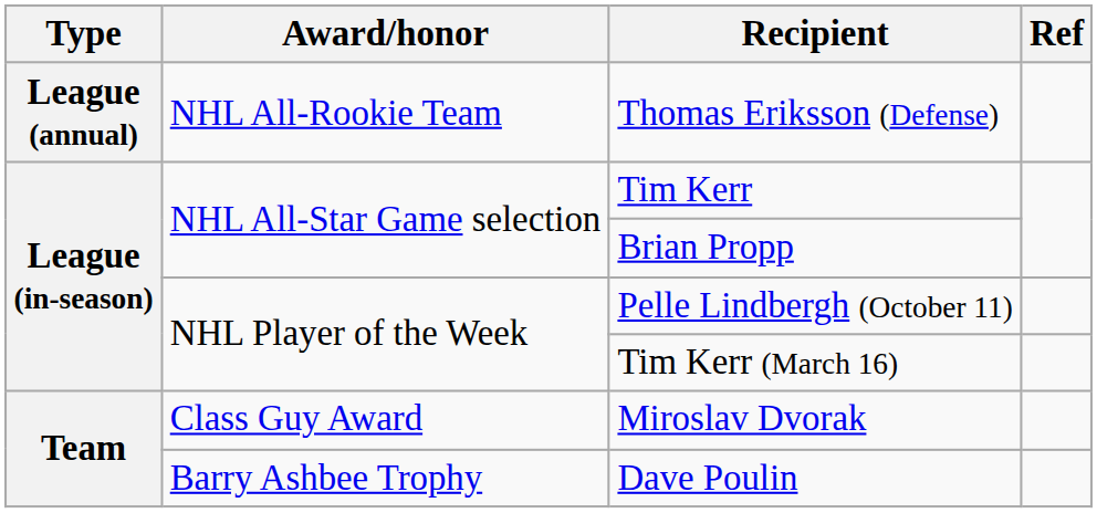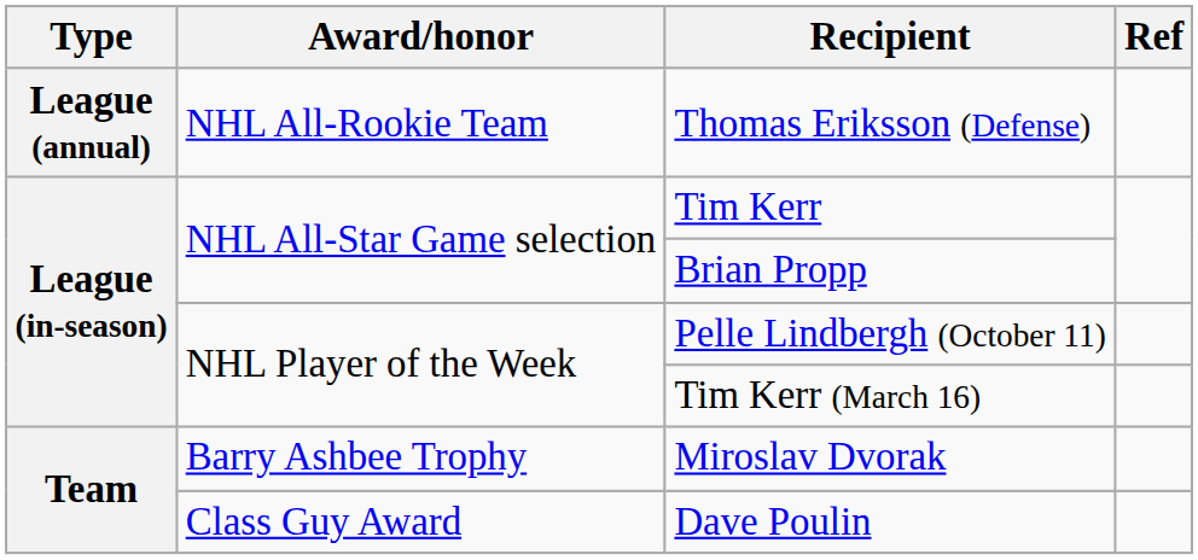 <table class="wikitable">
 <tr>
 <th scope="col">Type</th>
 <th scope="col">Award/honor</th>
 <th scope="col">Recipient</th>
 <th scope="col">Ref</th>
 </tr>
 <tr>
 <th scope="row">League<br><small>(annual)</small></th>
 <td><a href='#'>NHL All-Rookie Team</a></td>
 <td><a href='#'>Thomas Eriksson</a> <small>(<a href='#'>Defense</a>)</small></td>
 <td></td>
 </tr>
 <tr>
 <th scope="row" rowspan="4">League<br><small>(in-season)</small></th>
 <td rowspan="2"><a href='#'>NHL All-Star Game</a> selection</td>
 <td><a href='#'>Tim Kerr</a></td>
 <td rowspan="2"></td>
 </tr>
 <tr>
 <td><a href='#'>Brian Propp</a></td>
 </tr>
 <tr>
 <td rowspan="2">NHL Player of the Week</td>
 <td><a href='#'>Pelle Lindbergh</a> <small>(October 11)</small></td>
 <td></td>
 </tr>
 <tr>
 <td>Tim Kerr <small>(March 16)</small></td>
 <td></td>
 </tr>
 <tr>
 <th scope="row" rowspan="2">Team</th>
-<td><a href='#'>Class Guy Award</a></td>
+<td><a href='#'>Barry Ashbee Trophy</a></td>
 <td><a href='#'>Miroslav Dvorak</a></td>
 <td></td>
 </tr>
 <tr>
-<td><a href='#'>Barry Ashbee Trophy</a></td>
+<td><a href='#'>Class Guy Award</a></td>
 <td><a href='#'>Dave Poulin</a></td>
 <td></td>
 </tr>
 </table>
